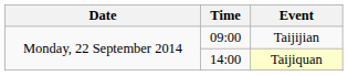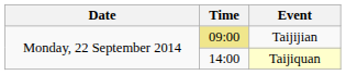 <table class = "wikitable" style="text-align:center;">
 <tr>
 <th width=220>Date</th>
 <th width=50>Time</th>
 <th width=100>Event</th>
 </tr>
 <tr>
 <td rowspan=2>Monday, 22 September 2014</td>
-<td>09:00</td>
+<td style="background: khaki;">09:00</td>
 <td>Taijijian</td>
 </tr>
 <tr>
 <td>14:00</td>
 <td bgcolor=ffffcc>Taijiquan</td>
 </tr>
 </table>
